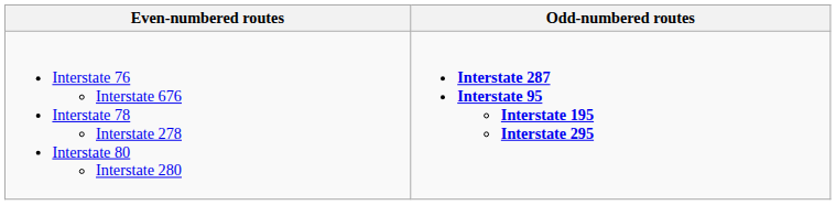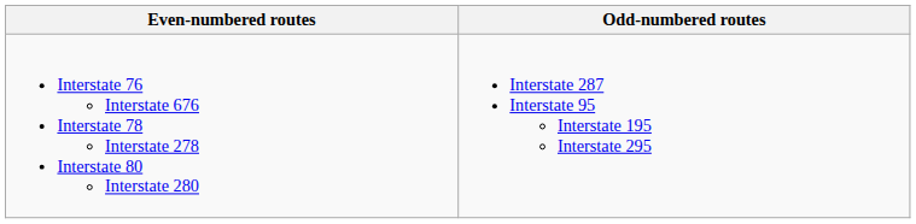 <table class="wikitable" style="float: margin-left: 5em; width: 60%; font-size: 90%;" cellspacing="3">
 <tr>
 <th>Even-numbered routes</th>
 <th>Odd-numbered routes</th>
 </tr>
 <tr>
 <td valign="top"><br><ul><li> <a href='#'>Interstate 76</a><ul><li> <a href='#'>Interstate 676</a></li></ul></li><li> <a href='#'>Interstate 78</a><ul><li> <a href='#'>Interstate 278</a></li></ul></li><li> <a href='#'>Interstate 80</a><ul><li> <a href='#'>Interstate 280</a></li></ul></li></ul></td>
-<td valign="top"><strong><br><ul><li> <a href='#'>Interstate 287</a></li><li> <a href='#'>Interstate 95</a><ul><li> <a href='#'>Interstate 195</a></li><li> <a href='#'>Interstate 295</a></li></ul></li></ul></strong></td>
+<td valign="top"><br><ul><li> <a href='#'>Interstate 287</a></li><li> <a href='#'>Interstate 95</a><ul><li> <a href='#'>Interstate 195</a></li><li> <a href='#'>Interstate 295</a></li></ul></li></ul></td>
 </tr>
 </table>
